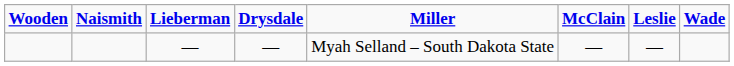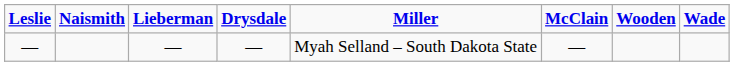 <table class="wikitable" style="white-space:nowrap; font-size:90%; text-align: center;">
 <tr>
-<td><strong><a href='#'>Wooden</a></strong></td>
+<td><strong><a href='#'>Leslie</a></strong></td>
 <td><strong><a href='#'>Naismith</a></strong></td>
 <td><strong><a href='#'>Lieberman</a></strong></td>
 <td><strong><a href='#'>Drysdale</a></strong></td>
 <td><strong><a href='#'>Miller</a></strong></td>
 <td><strong><a href='#'>McClain</a></strong></td>
-<td><strong><a href='#'>Leslie</a></strong></td>
+<td><strong><a href='#'>Wooden</a></strong></td>
 <td><strong><a href='#'>Wade</a></strong></td>
 </tr>
 <tr>
-<td></td>
+<td>―</td>
 <td></td>
 <td>—</td>
 <td>―</td>
 <td>Myah Selland – South Dakota State</td>
 <td>―</td>
-<td>―</td>
+<td></td>
 <td></td>
 </tr>
 </table>
